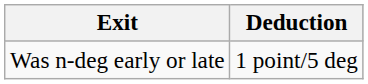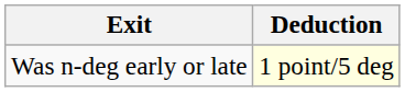 <table class="wikitable">
 <tr>
 <th>Exit</th>
 <th>Deduction</th>
 </tr>
 <tr>
 <td>Was n-deg early or late</td>
-<td>1 point/5 deg</td>
+<td style="background: lightyellow;">1 point/5 deg</td>
 </tr>
 </table>
